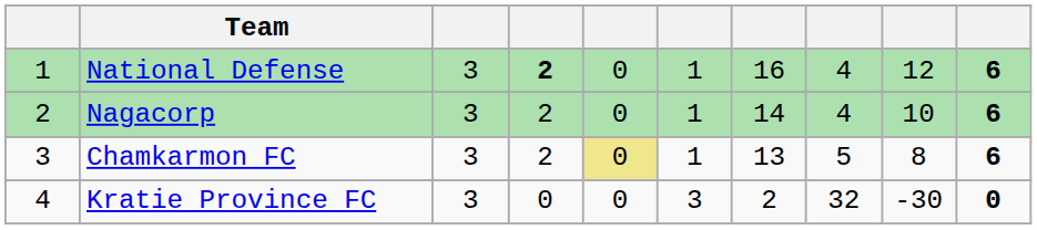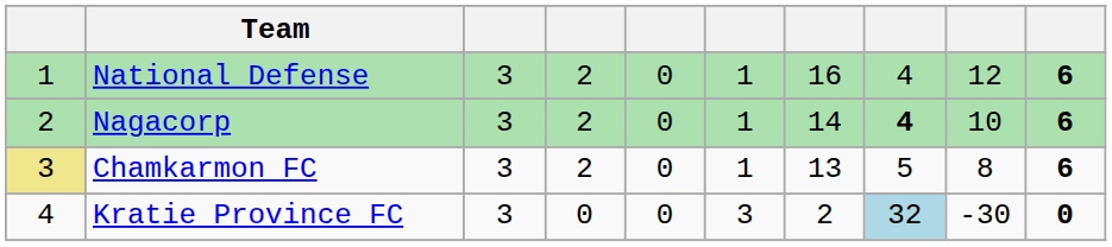 <table class="wikitable" style="text-align: center;">
 <tr>
 <th width=30></th>
 <th width=165>Team</th>
 <th width=30></th>
 <th width=30></th>
 <th width=30></th>
 <th width=30></th>
 <th width=30></th>
 <th width=30></th>
 <th width=30></th>
 <th width=30></th>
 </tr>
 <tr bgcolor=#ACE1AF>
 <td>1</td>
 <td align=left><a href='#'>National Defense</a></td>
 <td>3</td>
-<td><strong>2</strong></td>
+<td>2</td>
 <td>0</td>
 <td>1</td>
 <td>16</td>
 <td>4</td>
 <td>12</td>
 <td><strong>6</strong></td>
 </tr>
 <tr bgcolor=#ACE1AF>
 <td>2</td>
 <td align=left><a href='#'>Nagacorp</a></td>
 <td>3</td>
 <td>2</td>
 <td>0</td>
 <td>1</td>
 <td>14</td>
-<td>4</td>
+<td><strong>4</strong></td>
 <td>10</td>
 <td><strong>6</strong></td>
 </tr>
 <tr>
-<td>3</td>
+<td style="background: khaki;">3</td>
 <td align=left><a href='#'>Chamkarmon FC</a></td>
 <td>3</td>
 <td>2</td>
-<td style="background: khaki;">0</td>
+<td>0</td>
 <td>1</td>
 <td>13</td>
 <td>5</td>
 <td>8</td>
 <td><strong>6</strong></td>
 </tr>
 <tr>
 <td>4</td>
 <td align=left><a href='#'>Kratie Province FC</a></td>
 <td>3</td>
 <td>0</td>
 <td>0</td>
 <td>3</td>
 <td>2</td>
-<td>32</td>
+<td style="background: lightblue;">32</td>
 <td>-30</td>
 <td><strong>0</strong></td>
 </tr>
 </table>
